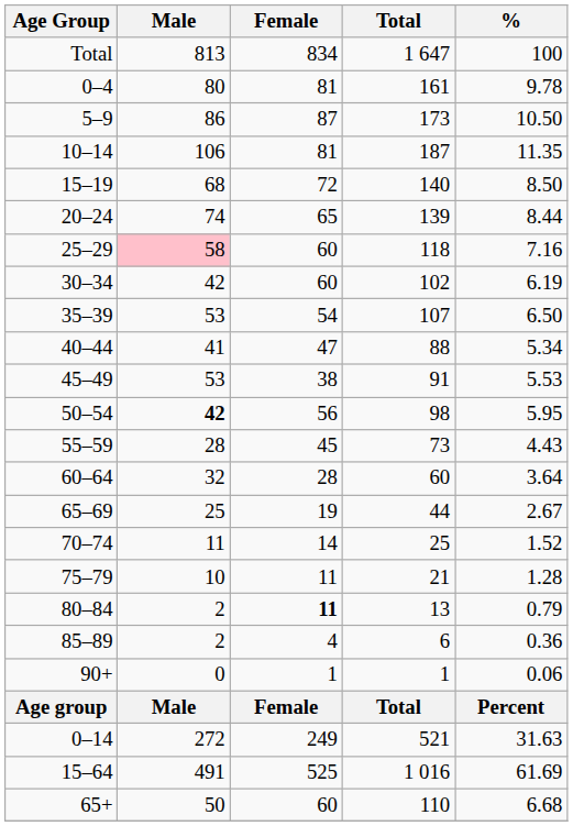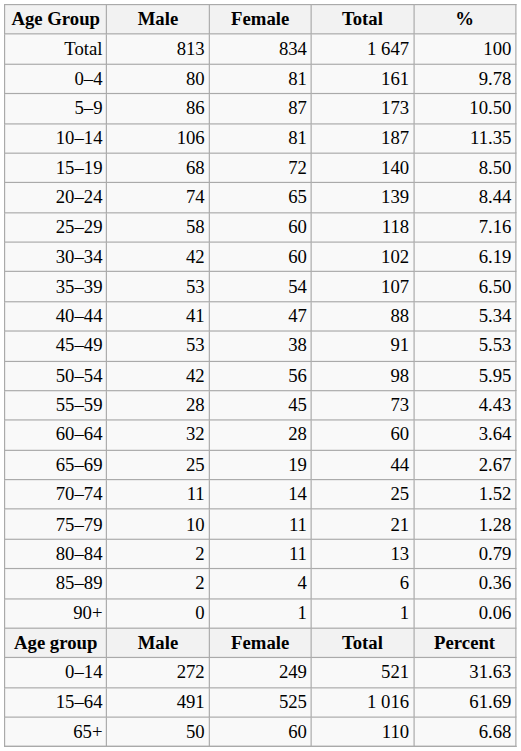 <table class="wikitable">
 <tr>
 <th width="80pt">Age Group</th>
 <th width="80pt">Male</th>
 <th width="80pt">Female</th>
 <th width="80pt">Total</th>
 <th width="80pt">%</th>
 </tr>
 <tr>
 <td align="right">Total</td>
 <td align="right">813</td>
 <td align="right">834</td>
 <td align="right">1 647</td>
 <td align="right">100</td>
 </tr>
 <tr>
 <td align="right">0–4</td>
 <td align="right">80</td>
 <td align="right">81</td>
 <td align="right">161</td>
 <td align="right">9.78</td>
 </tr>
 <tr>
 <td align="right">5–9</td>
 <td align="right">86</td>
 <td align="right">87</td>
 <td align="right">173</td>
 <td align="right">10.50</td>
 </tr>
 <tr>
 <td align="right">10–14</td>
 <td align="right">106</td>
 <td align="right">81</td>
 <td align="right">187</td>
 <td align="right">11.35</td>
 </tr>
 <tr>
 <td align="right">15–19</td>
 <td align="right">68</td>
 <td align="right">72</td>
 <td align="right">140</td>
 <td align="right">8.50</td>
 </tr>
 <tr>
 <td align="right">20–24</td>
 <td align="right">74</td>
 <td align="right">65</td>
 <td align="right">139</td>
 <td align="right">8.44</td>
 </tr>
 <tr>
 <td align="right">25–29</td>
-<td align="right" style="background: pink;">58</td>
+<td align="right">58</td>
 <td align="right">60</td>
 <td align="right">118</td>
 <td align="right">7.16</td>
 </tr>
 <tr>
 <td align="right">30–34</td>
 <td align="right">42</td>
 <td align="right">60</td>
 <td align="right">102</td>
 <td align="right">6.19</td>
 </tr>
 <tr>
 <td align="right">35–39</td>
 <td align="right">53</td>
 <td align="right">54</td>
 <td align="right">107</td>
 <td align="right">6.50</td>
 </tr>
 <tr>
 <td align="right">40–44</td>
 <td align="right">41</td>
 <td align="right">47</td>
 <td align="right">88</td>
 <td align="right">5.34</td>
 </tr>
 <tr>
 <td align="right">45–49</td>
 <td align="right">53</td>
 <td align="right">38</td>
 <td align="right">91</td>
 <td align="right">5.53</td>
 </tr>
 <tr>
 <td align="right">50–54</td>
-<td align="right"><strong>42</strong></td>
+<td align="right">42</td>
 <td align="right">56</td>
 <td align="right">98</td>
 <td align="right">5.95</td>
 </tr>
 <tr>
 <td align="right">55–59</td>
 <td align="right">28</td>
 <td align="right">45</td>
 <td align="right">73</td>
 <td align="right">4.43</td>
 </tr>
 <tr>
 <td align="right">60–64</td>
 <td align="right">32</td>
 <td align="right">28</td>
 <td align="right">60</td>
 <td align="right">3.64</td>
 </tr>
 <tr>
 <td align="right">65–69</td>
 <td align="right">25</td>
 <td align="right">19</td>
 <td align="right">44</td>
 <td align="right">2.67</td>
 </tr>
 <tr>
 <td align="right">70–74</td>
 <td align="right">11</td>
 <td align="right">14</td>
 <td align="right">25</td>
 <td align="right">1.52</td>
 </tr>
 <tr>
 <td align="right">75–79</td>
 <td align="right">10</td>
 <td align="right">11</td>
 <td align="right">21</td>
 <td align="right">1.28</td>
 </tr>
 <tr>
 <td align="right">80–84</td>
 <td align="right">2</td>
-<td align="right"><strong>11</strong></td>
+<td align="right">11</td>
 <td align="right">13</td>
 <td align="right">0.79</td>
 </tr>
 <tr>
 <td align="right">85–89</td>
 <td align="right">2</td>
 <td align="right">4</td>
 <td align="right">6</td>
 <td align="right">0.36</td>
 </tr>
 <tr>
 <td align="right">90+</td>
 <td align="right">0</td>
 <td align="right">1</td>
 <td align="right">1</td>
 <td align="right">0.06</td>
 </tr>
 <tr>
 <th width="50">Age group</th>
 <th width="80pt">Male</th>
 <th width="80">Female</th>
 <th width="80">Total</th>
 <th width="50">Percent</th>
 </tr>
 <tr>
 <td align="right">0–14</td>
 <td align="right">272</td>
 <td align="right">249</td>
 <td align="right">521</td>
 <td align="right">31.63</td>
 </tr>
 <tr>
 <td align="right">15–64</td>
 <td align="right">491</td>
 <td align="right">525</td>
 <td align="right">1 016</td>
 <td align="right">61.69</td>
 </tr>
 <tr>
 <td align="right">65+</td>
 <td align="right">50</td>
 <td align="right">60</td>
 <td align="right">110</td>
 <td align="right">6.68</td>
 </tr>
 <tr>
 </tr>
 </table>
